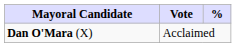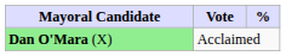 <table class="wikitable">
 <tr>
 <th style="background:#ddf; width:200px;">Mayoral Candidate</th>
 <th style="background:#ddf; width:50px;">Vote</th>
 <th style="background:#ddf; width:30px;">%</th>
 </tr>
 <tr>
-<td><strong>Dan O'Mara</strong> (X)</td>
+<td style="background: lightgreen;"><strong>Dan O'Mara</strong> (X)</td>
 <td colspan="2">Acclaimed</td>
 </tr>
 </table>
